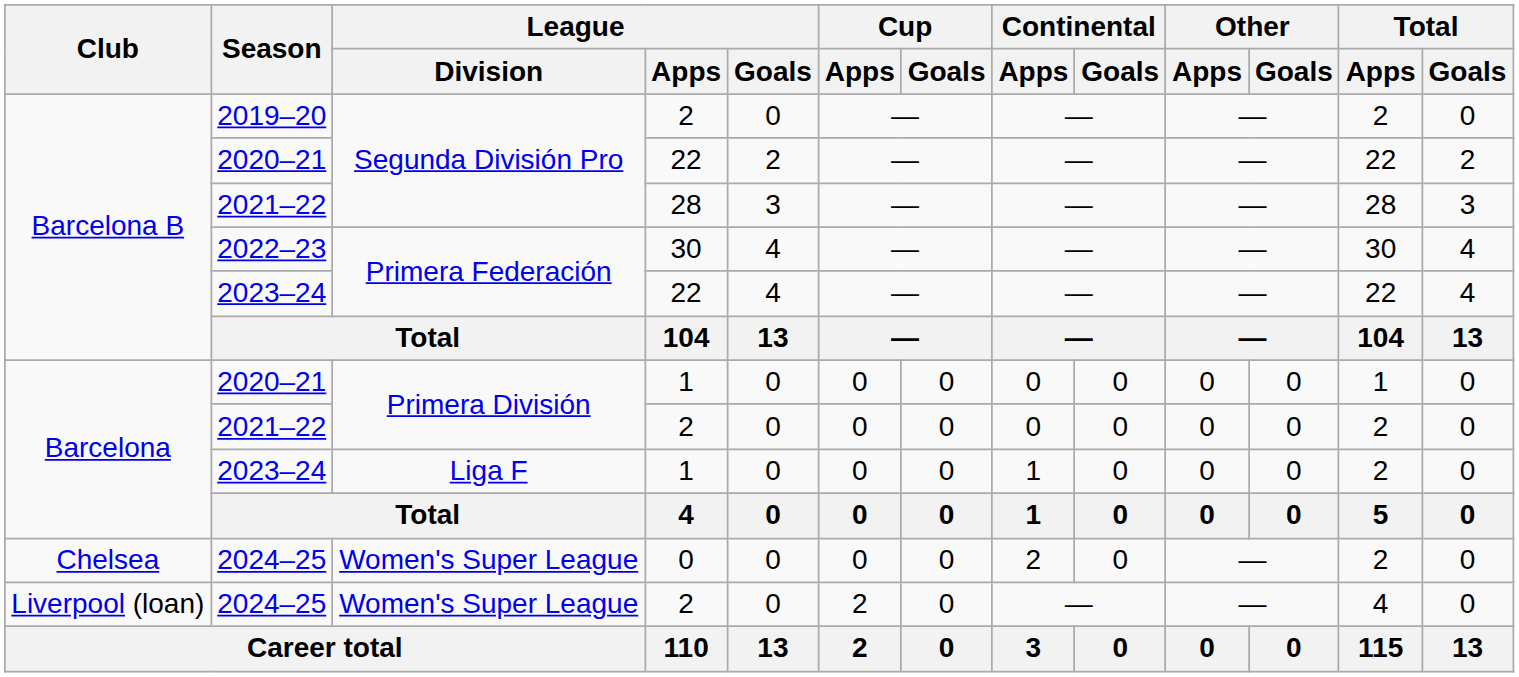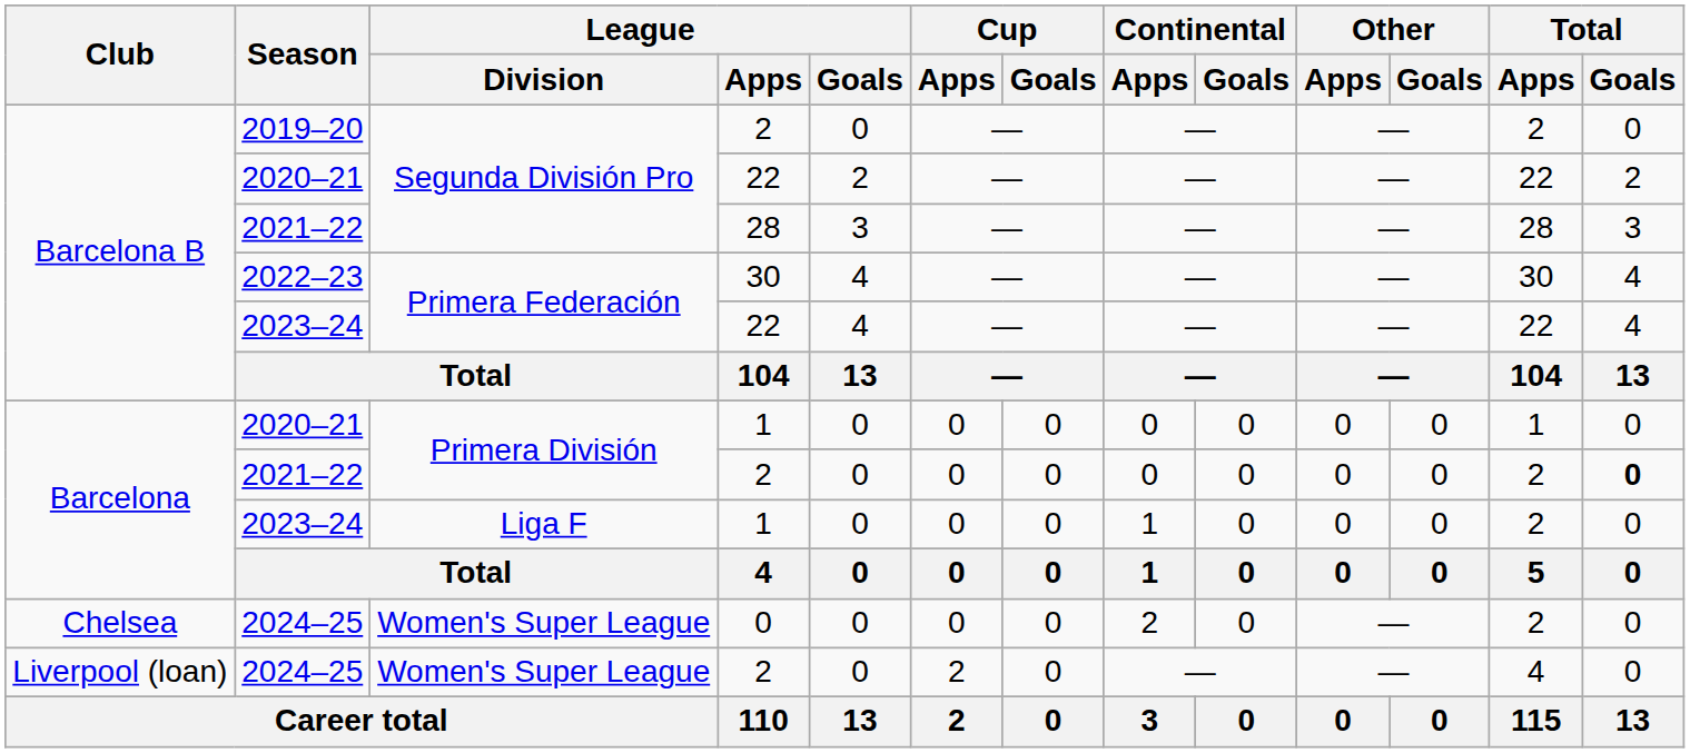 <table class=wikitable style=text-align:center>
 <tr>
 <th rowspan="2">Club</th>
 <th rowspan="2">Season</th>
 <th colspan="3">League</th>
 <th colspan="2">Cup</th>
 <th colspan="2">Continental</th>
 <th colspan="2">Other</th>
 <th colspan="2">Total</th>
 </tr>
 <tr>
 <th>Division</th>
 <th>Apps</th>
 <th>Goals</th>
 <th>Apps</th>
 <th>Goals</th>
 <th>Apps</th>
 <th>Goals</th>
 <th>Apps</th>
 <th>Goals</th>
 <th>Apps</th>
 <th>Goals</th>
 </tr>
 <tr>
 <td rowspan="6"><a href='#'>Barcelona B</a></td>
 <td><a href='#'>2019–20</a></td>
 <td rowspan="3"><a href='#'>Segunda División Pro</a></td>
 <td>2</td>
 <td>0</td>
 <td colspan="2">—</td>
 <td colspan="2">—</td>
 <td colspan="2">—</td>
 <td>2</td>
 <td>0</td>
 </tr>
 <tr>
 <td><a href='#'>2020–21</a></td>
 <td>22</td>
 <td>2</td>
 <td colspan="2">—</td>
 <td colspan="2">—</td>
 <td colspan="2">—</td>
 <td>22</td>
 <td>2</td>
 </tr>
 <tr>
 <td><a href='#'>2021–22</a></td>
 <td>28</td>
 <td>3</td>
 <td colspan="2">—</td>
 <td colspan="2">—</td>
 <td colspan="2">—</td>
 <td>28</td>
 <td>3</td>
 </tr>
 <tr>
 <td><a href='#'>2022–23</a></td>
 <td rowspan="2"><a href='#'>Primera Federación</a></td>
 <td>30</td>
 <td>4</td>
 <td colspan="2">—</td>
 <td colspan="2">—</td>
 <td colspan="2">—</td>
 <td>30</td>
 <td>4</td>
 </tr>
 <tr>
 <td><a href='#'>2023–24</a></td>
 <td>22</td>
 <td>4</td>
 <td colspan="2">—</td>
 <td colspan="2">—</td>
 <td colspan="2">—</td>
 <td>22</td>
 <td>4</td>
 </tr>
 <tr>
 <th colspan="2">Total</th>
 <th>104</th>
 <th>13</th>
 <th colspan="2">—</th>
 <th colspan="2">—</th>
 <th colspan="2">—</th>
 <th>104</th>
 <th>13</th>
 </tr>
 <tr>
 <td rowspan="4"><a href='#'>Barcelona</a></td>
 <td><a href='#'>2020–21</a></td>
 <td rowspan="2"><a href='#'>Primera División</a></td>
 <td>1</td>
 <td>0</td>
 <td>0</td>
 <td>0</td>
 <td>0</td>
 <td>0</td>
 <td>0</td>
 <td>0</td>
 <td>1</td>
 <td>0</td>
 </tr>
 <tr>
 <td><a href='#'>2021–22</a></td>
 <td>2</td>
 <td>0</td>
 <td>0</td>
 <td>0</td>
 <td>0</td>
 <td>0</td>
 <td>0</td>
 <td>0</td>
 <td>2</td>
-<td>0</td>
+<td><strong>0</strong></td>
 </tr>
 <tr>
 <td><a href='#'>2023–24</a></td>
 <td><a href='#'>Liga F</a></td>
 <td>1</td>
 <td>0</td>
 <td>0</td>
 <td>0</td>
 <td>1</td>
 <td>0</td>
 <td>0</td>
 <td>0</td>
 <td>2</td>
 <td>0</td>
 </tr>
 <tr>
 <th colspan="2">Total</th>
 <th>4</th>
 <th>0</th>
 <th>0</th>
 <th>0</th>
 <th>1</th>
 <th>0</th>
 <th>0</th>
 <th>0</th>
 <th>5</th>
 <th>0</th>
 </tr>
 <tr>
 <td><a href='#'>Chelsea</a></td>
 <td><a href='#'>2024–25</a></td>
 <td><a href='#'>Women's Super League</a></td>
 <td>0</td>
 <td>0</td>
 <td>0</td>
 <td>0</td>
 <td>2</td>
 <td>0</td>
 <td colspan="2">—</td>
 <td>2</td>
 <td>0</td>
 </tr>
 <tr>
 <td><a href='#'>Liverpool</a> (loan)</td>
 <td><a href='#'>2024–25</a></td>
 <td><a href='#'>Women's Super League</a></td>
 <td>2</td>
 <td>0</td>
 <td>2</td>
 <td>0</td>
 <td colspan="2">—</td>
 <td colspan="2">—</td>
 <td>4</td>
 <td>0</td>
 </tr>
 <tr>
 <th colspan="3">Career total</th>
 <th>110</th>
 <th>13</th>
 <th>2</th>
 <th>0</th>
 <th>3</th>
 <th>0</th>
 <th>0</th>
 <th>0</th>
 <th>115</th>
 <th>13</th>
 </tr>
 </table>
